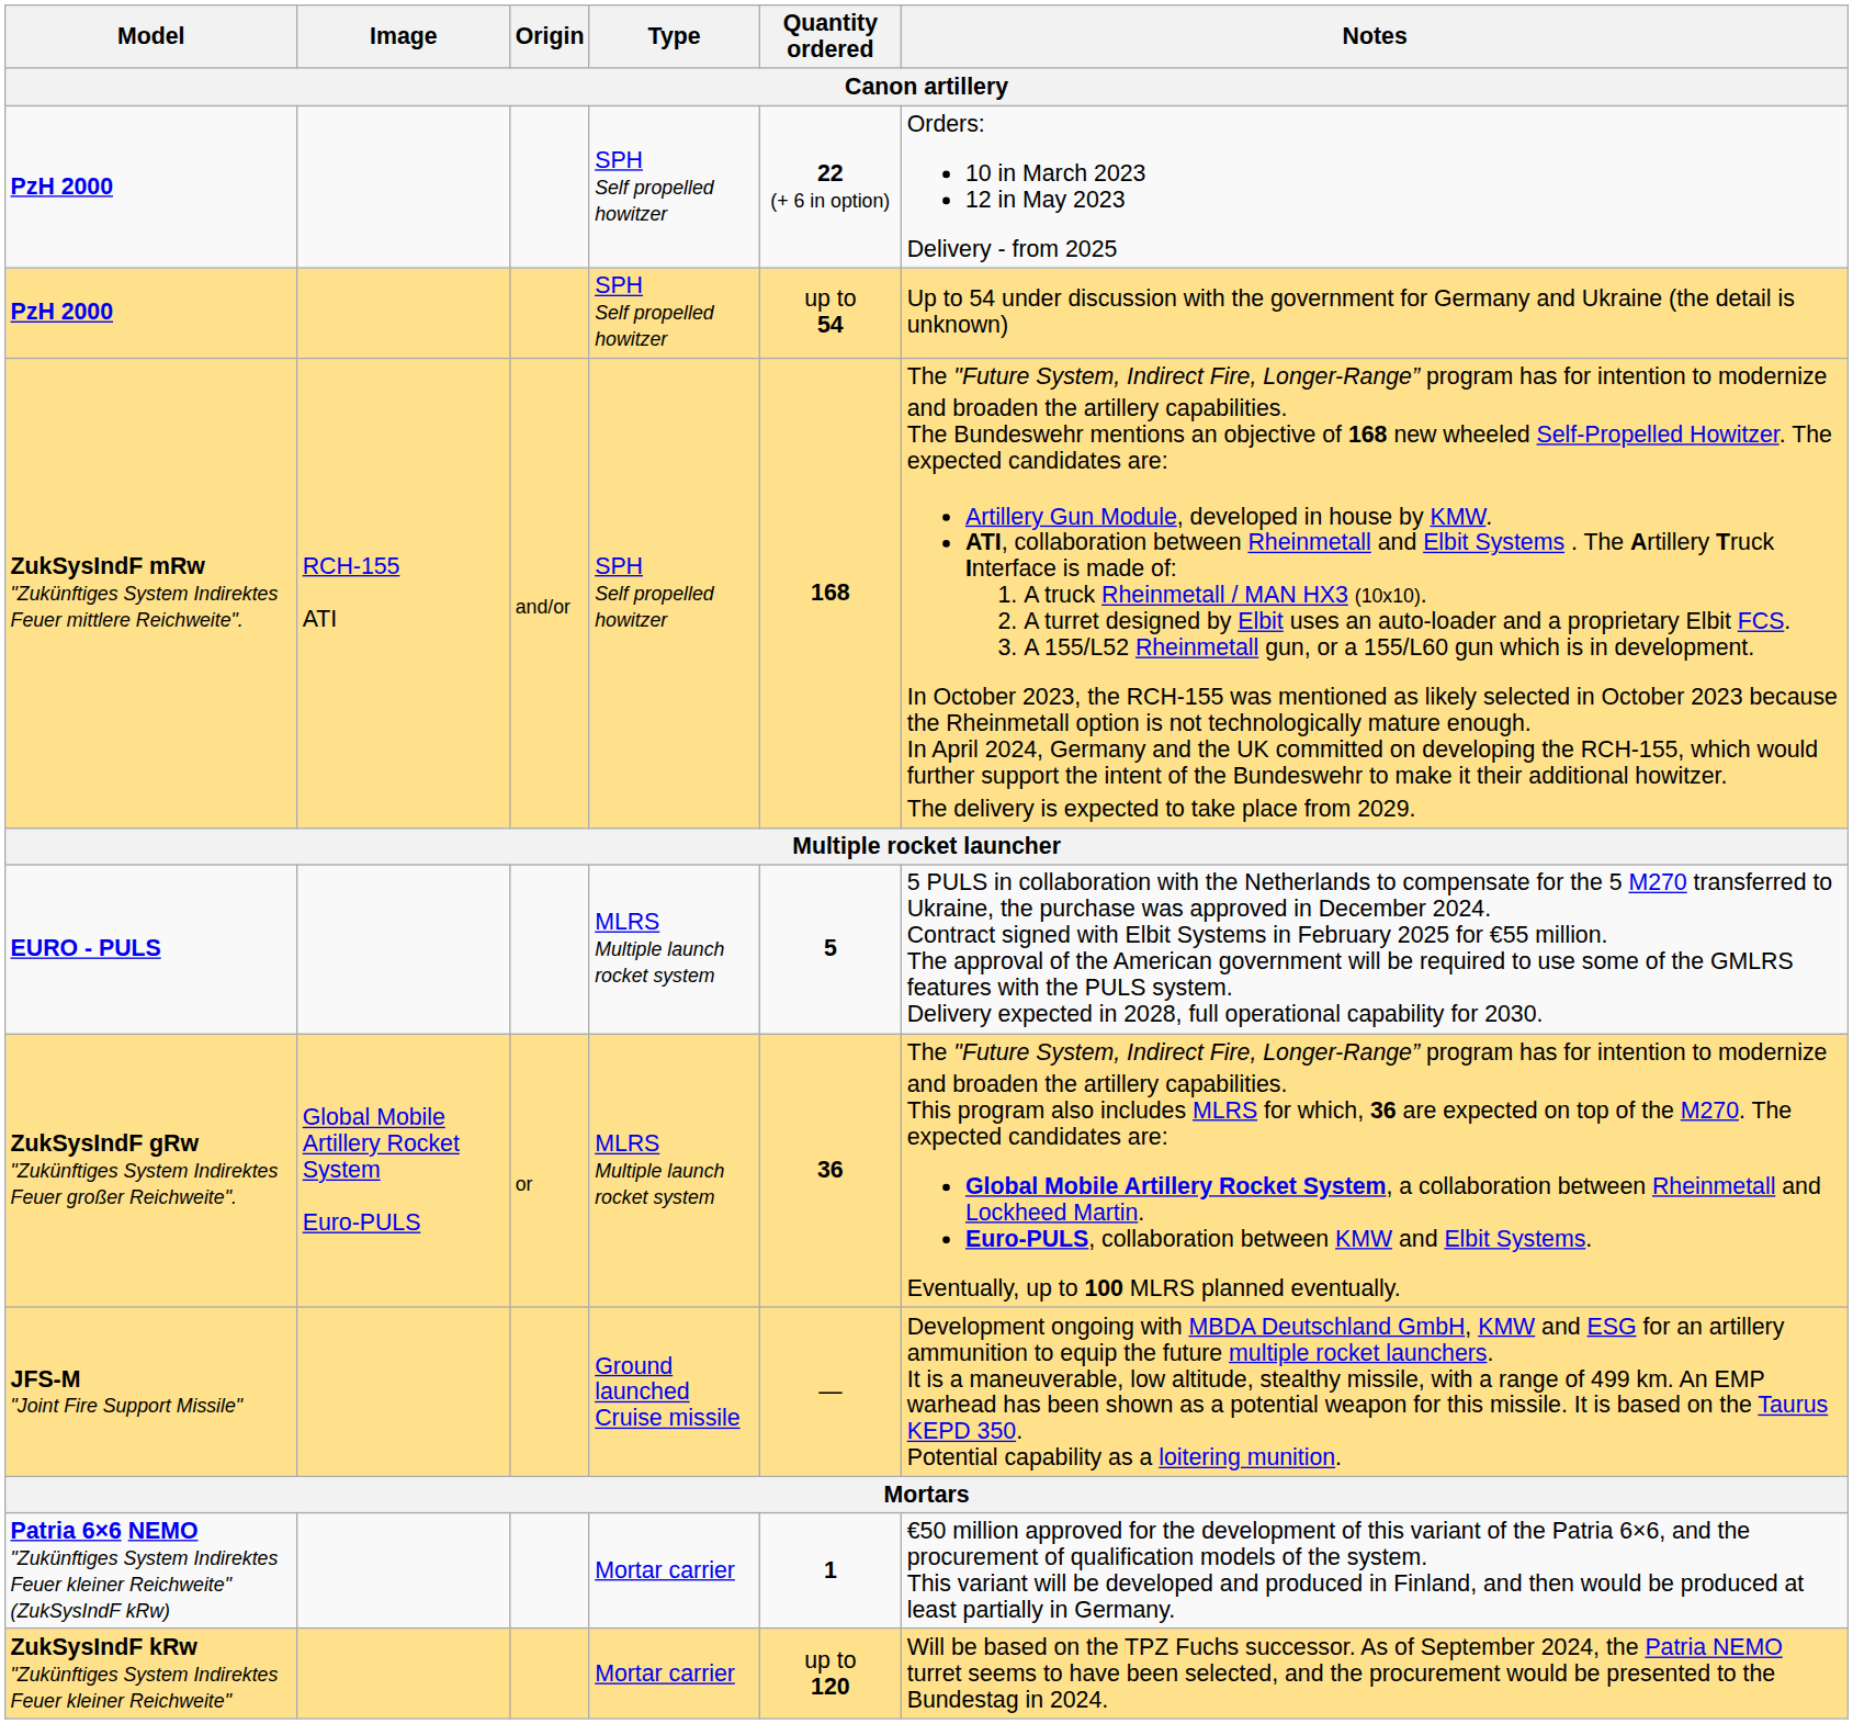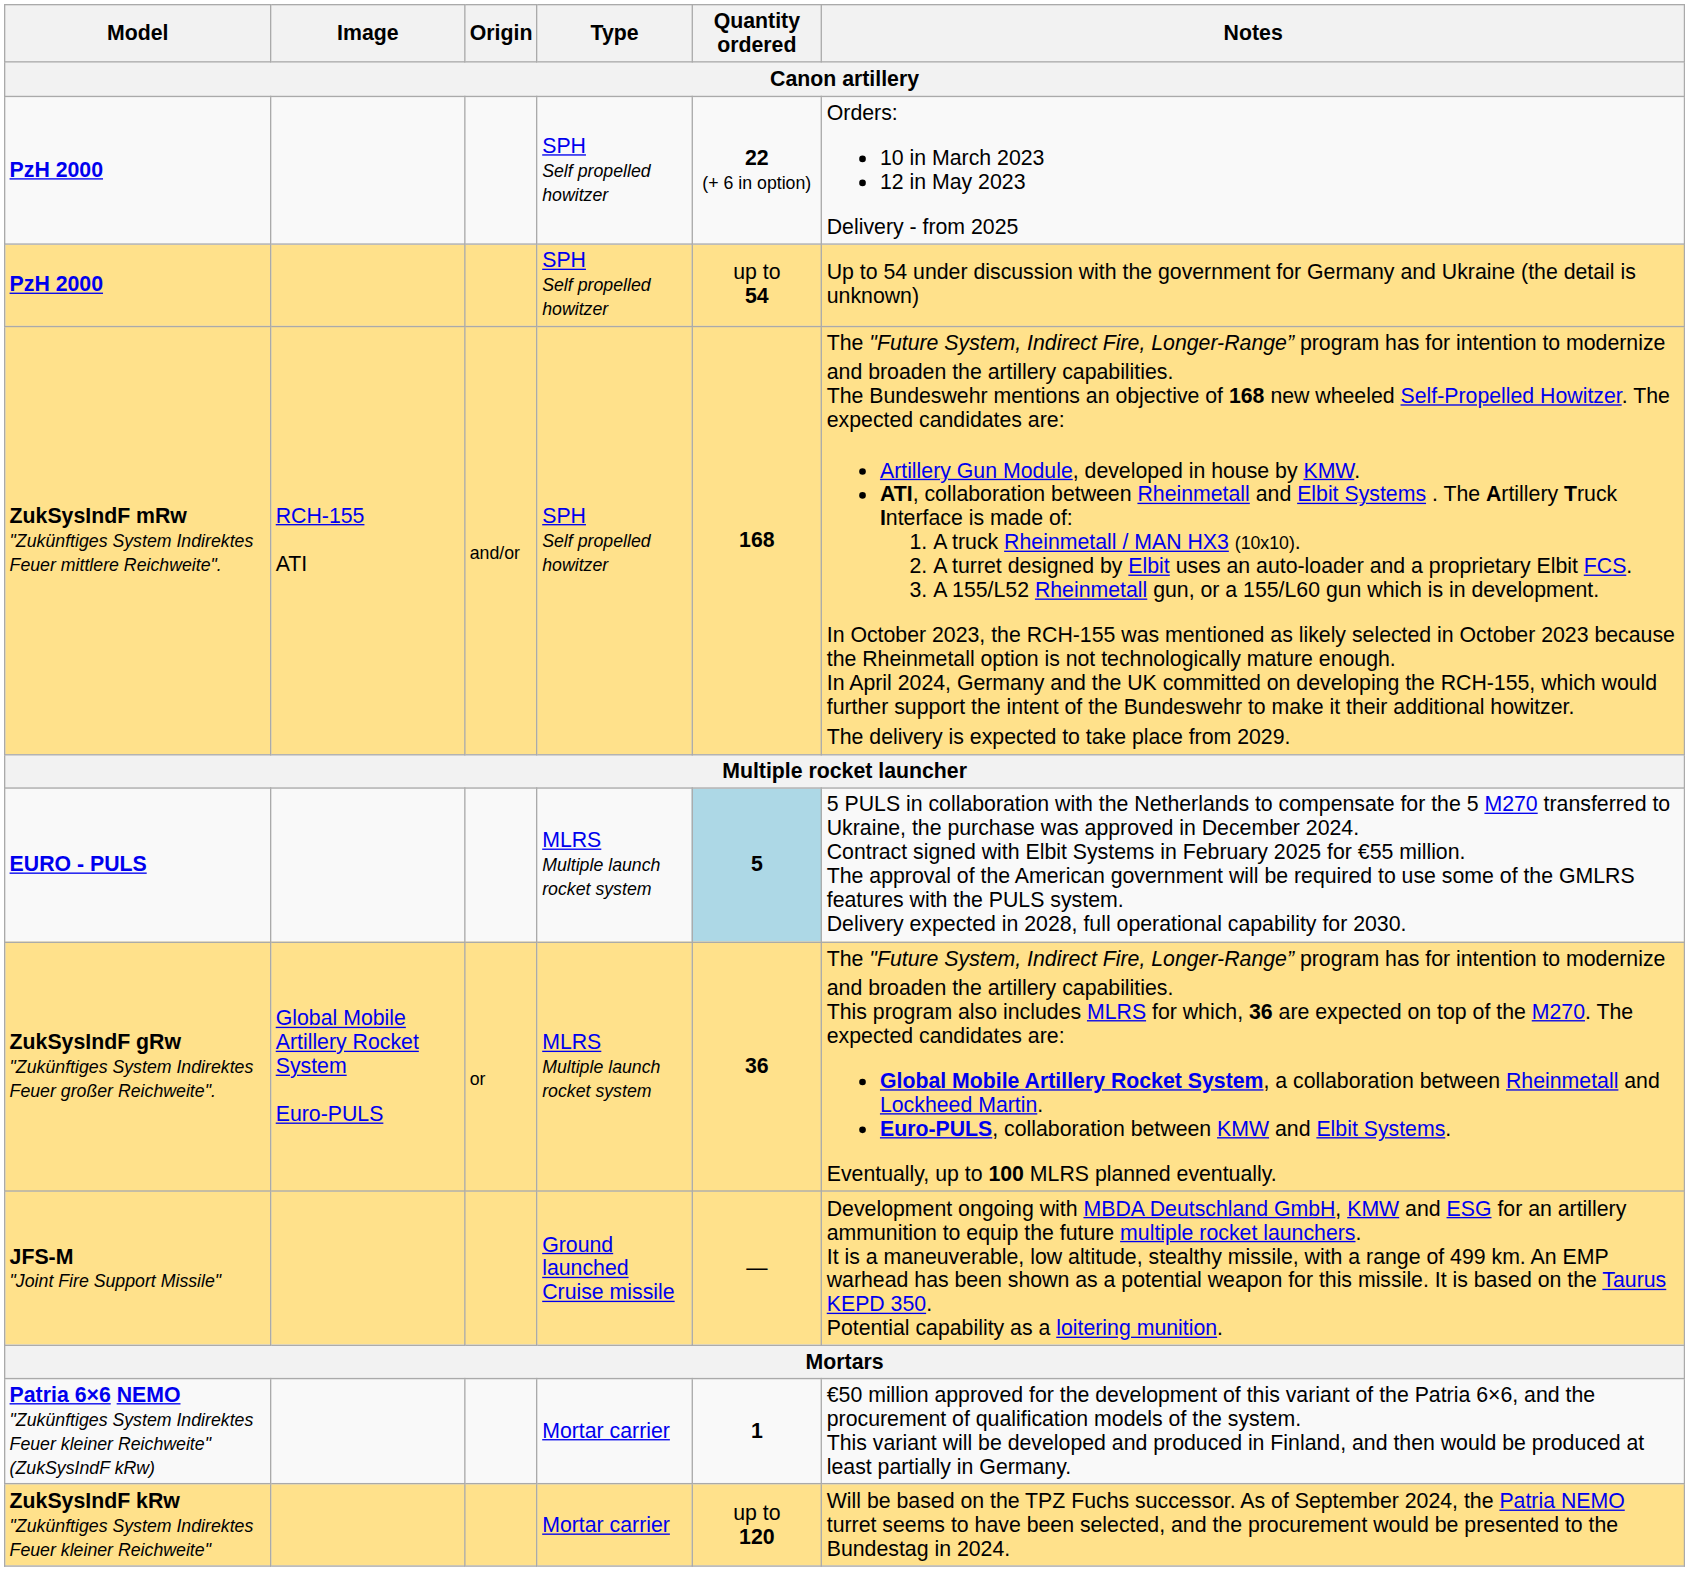 <table class="wikitable" style="width:100%;">
 <tr>
 <th>Model</th>
 <th>Image</th>
 <th>Origin</th>
 <th>Type</th>
 <th>Quantity ordered</th>
 <th>Notes</th>
 </tr>
 <tr>
 <th colspan="6">Canon artillery</th>
 </tr>
 <tr>
 <td><a href='#'><strong>PzH 2000</strong></a></td>
 <td></td>
 <td><small></small></td>
 <td><a href='#'>SPH</a><br><em><small>Self propelled howitzer</small></em></td>
 <td style="text-align: center;"><strong>22</strong><br><small>(+ 6 in option)</small></td>
 <td>Orders:<br><ul><li>10 in March 2023</li><li>12 in May 2023</li></ul>Delivery - from 2025</td>
 </tr>
 <tr>
 <td style="background: #FFE18B"><a href='#'><strong>PzH 2000</strong></a></td>
 <td style="background: #FFE18B;text-align: center"></td>
 <td style="background: #FFE18B"><small></small></td>
 <td style="background: #FFE18B;"><a href='#'>SPH</a><br><em><small>Self propelled howitzer</small></em></td>
 <td style="background: #FFE18B;text-align: center">up to<br><strong>54</strong></td>
 <td style="background: #FFE18B;">Up to 54 under discussion with the government for Germany and Ukraine (the detail is unknown)</td>
 </tr>
 <tr>
 <td style="background: #FFE18B;"><strong>ZukSysIndF mRw</strong><br><em><small>"Zukünftiges System Indirektes Feuer mittlere Reichweite".</small></em></td>
 <td style="background: #FFE18B;"><a href='#'>RCH-155</a><br><br>ATI<br></td>
 <td style="background: #FFE18B;"><small></small><br><small>and/or</small> <small></small></td>
 <td style="background: #FFE18B;"><a href='#'>SPH</a><br><em><small>Self propelled howitzer</small></em></td>
 <td style="background: #FFE18B;text-align: center"><strong>168</strong><br><sup></sup></td>
 <td style="background: #FFE18B;">The <em>"Future System, Indirect Fire, Longer-Range”</em> program has for intention to modernize and broaden the artillery capabilities.<sup></sup><br>The Bundeswehr mentions an objective of <strong>168</strong> new wheeled <a href='#'>Self-Propelled Howitzer</a>. The expected candidates are:<ul><li><a href='#'>Artillery Gun Module</a>, developed in house by <a href='#'>KMW</a>.<sup></sup></li><li><strong>ATI</strong>, collaboration between <a href='#'>Rheinmetall</a> and <a href='#'>Elbit Systems</a> <strong></strong>. The <strong>A</strong>rtillery <strong>T</strong>ruck <strong>I</strong>nterface is made of:<ol><li>A truck <a href='#'>Rheinmetall / MAN HX3</a> <small>(10x10)</small>.</li><li>A turret designed by <a href='#'>Elbit</a> uses an auto-loader and a proprietary Elbit <a href='#'>FCS</a>.</li><li>A 155/L52 <a href='#'>Rheinmetall</a> gun, or a 155/L60 gun which is in development.</li></ol></li></ul>In October 2023, the RCH-155 was mentioned as likely selected in October 2023 because the Rheinmetall option is not technologically mature enough.<br>In April 2024, Germany and the UK committed on developing the RCH-155, which would further support the intent of the Bundeswehr to make it their additional howitzer.<br>The delivery is expected to take place from 2029. <sup></sup></td>
 </tr>
 <tr>
 <th colspan="6">Multiple rocket launcher</th>
 </tr>
 <tr>
 <td><a href='#'><strong>EURO - PULS</strong></a></td>
 <td></td>
 <td><small></small></td>
 <td><a href='#'>MLRS</a><br><em><small>Multiple launch rocket system</small></em></td>
-<td style="text-align: center;"><strong>5</strong></td>
+<td style="background: lightblue; text-align: center;"><strong>5</strong></td>
 <td>5 PULS in collaboration with the Netherlands to compensate for the 5 <a href='#'>M270</a> transferred to Ukraine, the purchase was approved in December 2024.<br>Contract signed with Elbit Systems in February 2025 for €55 million.<br>The approval of the American government will be required to use some of the GMLRS features with the PULS system.<br>Delivery expected in 2028, full operational capability for 2030.</td>
 </tr>
 <tr>
 <td style="background: #FFE18B;"><strong>ZukSysIndF gRw</strong><br><em><small>"Zukünftiges System Indirektes Feuer großer Reichweite".</small></em></td>
 <td style="background: #FFE18B;"><a href='#'>Global Mobile Artillery Rocket System</a><br><br><a href='#'>Euro-PULS</a><br></td>
 <td style="background: #FFE18B;"><small></small><br><small></small> <small>or</small> <small></small> <small></small></td>
 <td style="background: #FFE18B;"><a href='#'>MLRS</a><br><em><small>Multiple launch rocket system</small></em></td>
 <td style="background: #FFE18B;text-align: center"><strong>36</strong><br><sup></sup></td>
 <td style="background: #FFE18B;">The <em>"Future System, Indirect Fire, Longer-Range”</em> program has for intention to modernize and broaden the artillery capabilities.<sup></sup><br>This program also includes <a href='#'>MLRS</a> for which, <strong>36</strong> are expected on top of the <a href='#'>M270</a>. The expected candidates are:<ul><li><a href='#'><strong>Global Mobile Artillery Rocket System</strong></a>, a collaboration between <a href='#'>Rheinmetall</a> and <a href='#'>Lockheed Martin</a>.</li><li><strong><a href='#'>Euro-PULS</a></strong>, collaboration between <a href='#'>KMW</a> and <a href='#'>Elbit Systems</a>.</li></ul>Eventually, up to <strong>100</strong> MLRS planned eventually.</td>
 </tr>
 <tr>
 <td style="background: #FFE18B;"><strong>JFS-M</strong><br><em><small>"Joint Fire Support Missile"</small></em></td>
 <td style="background: #FFE18B;"></td>
 <td style="background: #FFE18B;"><small></small></td>
 <td style="background: #FFE18B;"><a href='#'>Ground launched</a><br><a href='#'>Cruise missile</a></td>
 <td style="background: #FFE18B;text-align: center">—</td>
 <td style="background: #FFE18B;">Development ongoing with <a href='#'>MBDA Deutschland GmbH</a>, <a href='#'>KMW</a> and <a href='#'>ESG</a> for an artillery ammunition to equip the future <a href='#'>multiple rocket launchers</a>.<br>It is a maneuverable, low altitude, stealthy missile, with a range of 499 km. An EMP warhead has been shown as a potential weapon for this missile. It is based on the <a href='#'>Taurus KEPD 350</a>.<br>Potential capability as a <a href='#'>loitering munition</a>.</td>
 </tr>
 <tr>
 <th colspan="6">Mortars</th>
 </tr>
 <tr>
 <td><strong><a href='#'>Patria 6×6</a> <a href='#'>NEMO</a></strong><br><em><small>"Zukünftiges System Indirektes Feuer kleiner Reichweite"</small></em><br><em><small>(ZukSysIndF kRw)</small></em></td>
 <td></td>
 <td><small></small></td>
 <td><a href='#'>Mortar carrier</a></td>
 <td style="text-align: center;"><strong>1</strong></td>
 <td>€50 million approved for the development of this variant of the Patria 6×6, and the procurement of qualification models of the system.<br>This variant will be developed and produced in Finland, and then would be produced at least partially in Germany.</td>
 </tr>
 <tr>
 <td style="background: #FFE18B"><strong>ZukSysIndF kRw</strong><br><em><small>"Zukünftiges System Indirektes Feuer kleiner Reichweite"</small></em></td>
 <td style="background: #FFE18B;text-align: center"></td>
 <td style="background: #FFE18B;text-align: center"><small></small><br><small></small></td>
 <td style="background: #FFE18B;"><a href='#'>Mortar carrier</a></td>
 <td style="background: #FFE18B;text-align: center">up to<br><strong>120</strong></td>
 <td style="background: #FFE18B;">Will be based on the TPZ Fuchs successor. As of September 2024, the <a href='#'>Patria NEMO</a> turret seems to have been selected, and the procurement would be presented to the Bundestag in 2024.</td>
 </tr>
 </table>
